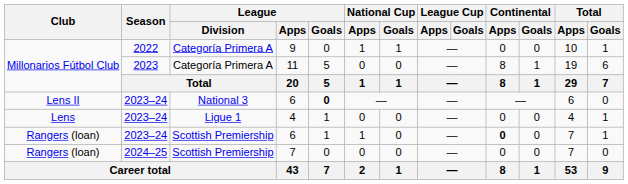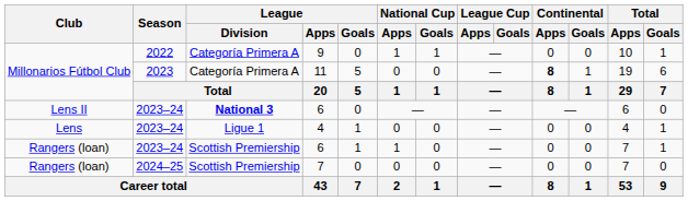 <table class=wikitable style=text-align:center>
 <tr>
 <th rowspan=2>Club</th>
 <th rowspan=2>Season</th>
 <th colspan=3>League</th>
 <th colspan=2>National Cup</th>
 <th colspan=2>League Cup</th>
 <th colspan=2>Continental</th>
 <th colspan=2>Total</th>
 </tr>
 <tr>
 <th>Division</th>
 <th>Apps</th>
 <th>Goals</th>
 <th>Apps</th>
 <th>Goals</th>
 <th>Apps</th>
 <th>Goals</th>
 <th>Apps</th>
 <th>Goals</th>
 <th>Apps</th>
 <th>Goals</th>
 </tr>
 <tr>
 <td rowspan=3><a href='#'>Millonarios Fútbol Club</a></td>
 <td><a href='#'>2022</a></td>
 <td><a href='#'>Categoría Primera A</a></td>
 <td>9</td>
 <td>0</td>
 <td>1</td>
 <td>1</td>
 <td colspan="2">—</td>
 <td>0</td>
 <td>0</td>
 <td>10</td>
 <td>1</td>
 </tr>
 <tr>
 <td><a href='#'>2023</a></td>
 <td>Categoría Primera A</td>
 <td>11</td>
 <td>5</td>
 <td>0</td>
 <td>0</td>
 <td colspan="2">—</td>
-<td>8</td>
+<td><strong>8</strong></td>
 <td>1</td>
 <td>19</td>
 <td>6</td>
 </tr>
 <tr>
 <th colspan=2>Total</th>
 <th>20</th>
 <th>5</th>
 <th>1</th>
 <th>1</th>
 <th colspan="2">—</th>
 <th>8</th>
 <th>1</th>
 <th>29</th>
 <th>7</th>
 </tr>
 <tr>
 <td><a href='#'>Lens II</a></td>
 <td><a href='#'>2023–24</a></td>
-<td><a href='#'>National 3</a></td>
+<td><strong><a href='#'>National 3</a></strong></td>
 <td>6</td>
-<td><strong>0</strong></td>
+<td>0</td>
 <td colspan="2">—</td>
 <td colspan="2">—</td>
 <td colspan="2">—</td>
 <td>6</td>
 <td>0</td>
 </tr>
 <tr>
 <td><a href='#'>Lens</a></td>
 <td><a href='#'>2023–24</a></td>
 <td><a href='#'>Ligue 1</a></td>
 <td>4</td>
 <td>1</td>
 <td>0</td>
 <td>0</td>
 <td colspan="2">—</td>
 <td>0</td>
 <td>0</td>
 <td>4</td>
 <td>1</td>
 </tr>
 <tr>
 <td><a href='#'>Rangers</a> (loan)</td>
 <td><a href='#'>2023–24</a></td>
 <td><a href='#'>Scottish Premiership</a></td>
 <td>6</td>
 <td>1</td>
 <td>1</td>
 <td>0</td>
 <td colspan="2">—</td>
-<td><strong>0</strong></td>
+<td>0</td>
 <td>0</td>
 <td>7</td>
 <td>1</td>
 </tr>
 <tr>
 <td><a href='#'>Rangers</a> (loan)</td>
 <td><a href='#'>2024–25</a></td>
 <td><a href='#'>Scottish Premiership</a></td>
 <td>7</td>
 <td>0</td>
 <td>0</td>
 <td>0</td>
 <td colspan="2">—</td>
 <td>0</td>
 <td>0</td>
 <td>7</td>
 <td>0</td>
 </tr>
 <tr>
 <th colspan=3>Career total</th>
 <th>43</th>
 <th>7</th>
 <th>2</th>
 <th>1</th>
 <th colspan="2">—</th>
 <th>8</th>
 <th>1</th>
 <th>53</th>
 <th>9</th>
 </tr>
 </table>
